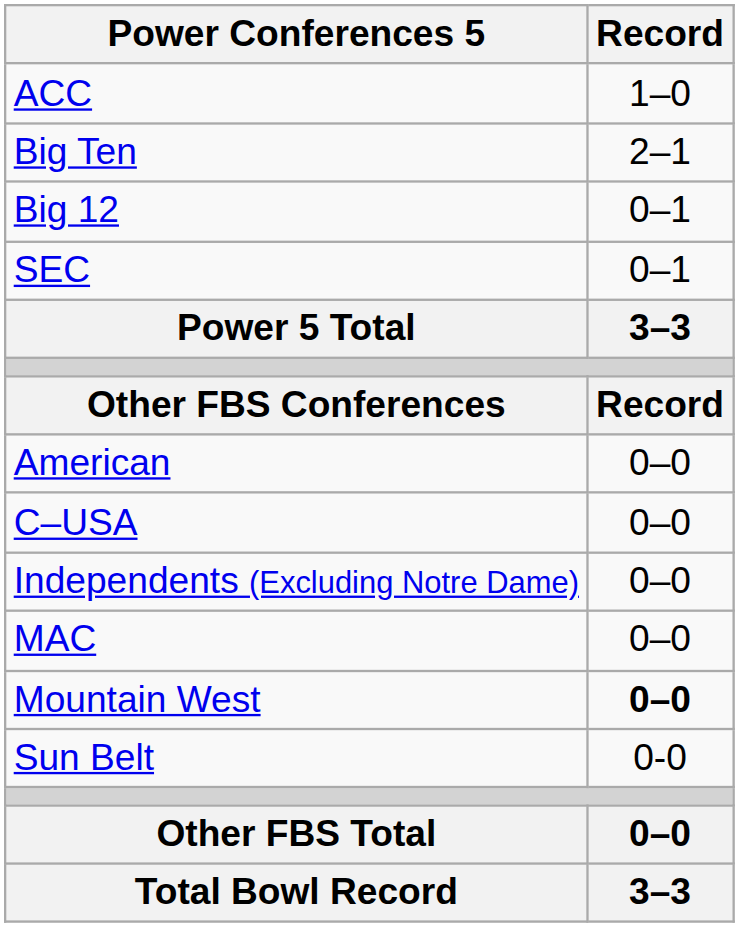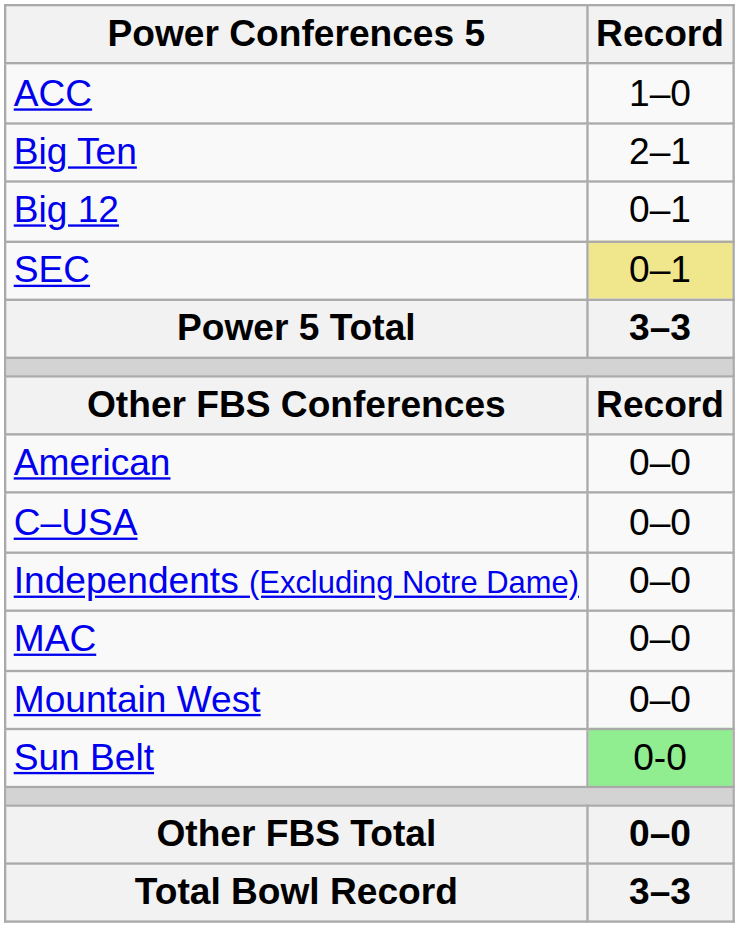 <table class="wikitable">
 <tr>
 <th>Power Conferences 5</th>
 <th>Record</th>
 </tr>
 <tr>
 <td><a href='#'>ACC</a></td>
 <td align=center>1–0</td>
 </tr>
 <tr>
 <td><a href='#'>Big Ten</a></td>
 <td align=center>2–1</td>
 </tr>
 <tr>
 <td><a href='#'>Big 12</a></td>
 <td align=center>0–1</td>
 </tr>
 <tr>
 <td><a href='#'>SEC</a></td>
-<td align=center>0–1</td>
+<td align=center style="background: khaki;">0–1</td>
 </tr>
 <tr>
 <th>Power 5 Total</th>
 <th>3–3</th>
 </tr>
 <tr>
 <th colspan="2" style="background:lightgrey;"></th>
 </tr>
 <tr>
 <th>Other FBS Conferences</th>
 <th>Record</th>
 </tr>
 <tr>
 <td><a href='#'>American</a></td>
 <td align=center>0–0</td>
 </tr>
 <tr>
 <td><a href='#'>C–USA</a></td>
 <td align=center>0–0</td>
 </tr>
 <tr>
 <td><a href='#'>Independents <small>(Excluding Notre Dame)</small></a></td>
 <td align=center>0–0</td>
 </tr>
 <tr>
 <td><a href='#'>MAC</a></td>
 <td align=center>0–0</td>
 </tr>
 <tr>
 <td><a href='#'>Mountain West</a></td>
-<td align=center><strong>0–0</strong></td>
+<td align=center>0–0</td>
 </tr>
 <tr>
 <td><a href='#'>Sun Belt</a></td>
-<td align=center>0-0</td>
+<td align=center style="background: lightgreen;">0-0</td>
 </tr>
 <tr>
 <th colspan="2" style="background:lightgrey;"></th>
 </tr>
 <tr>
 <th>Other FBS Total</th>
 <th>0–0</th>
 </tr>
 <tr>
 <th>Total Bowl Record</th>
 <th>3–3</th>
 </tr>
 </table>
